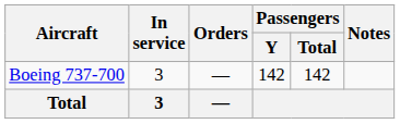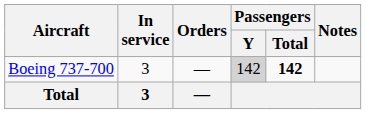 <table class="wikitable" style="margin:0.5em auto; text-align:center">
 <tr>
 <th rowspan=2>Aircraft</th>
 <th rowspan=2>In<br>service</th>
 <th rowspan=2>Orders</th>
 <th colspan=2>Passengers</th>
 <th rowspan=2>Notes</th>
 </tr>
 <tr>
 <th><abbr>Y</abbr></th>
 <th>Total</th>
 </tr>
 <tr>
 <td><a href='#'>Boeing 737-700</a></td>
 <td>3</td>
 <td>—</td>
-<td>142</td>
-<td>142</td>
+<td style="background: lightgrey;">142</td>
+<td><strong>142</strong></td>
 <td></td>
 </tr>
 <tr>
 <th>Total</th>
 <th>3</th>
 <th>—</th>
 <th colspan=4></th>
 </tr>
 </table>
